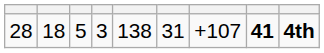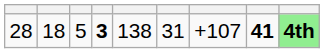 <table class="wikitable">
 <tr>
 <th></th>
 <th></th>
 <th></th>
 <th></th>
 <th></th>
 <th></th>
 <th></th>
 <th></th>
 <th></th>
 </tr>
 <tr>
 <td>28</td>
 <td>18</td>
 <td>5</td>
-<td>3</td>
+<td><strong>3</strong></td>
 <td>138</td>
 <td>31</td>
 <td>+107</td>
 <td><strong>41</strong></td>
-<td><strong>4th</strong></td>
+<td style="background: lightgreen;"><strong>4th</strong></td>
 </tr>
 </table>
